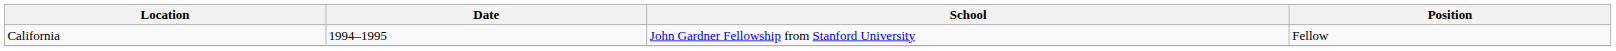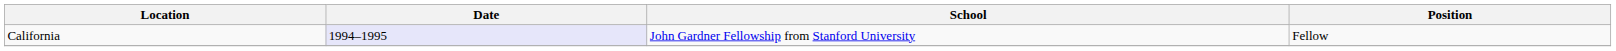 <table class="wikitable" style="width:100%;">
 <tr>
 <th style="width:20%;">Location</th>
 <th style="width:20%;">Date</th>
 <th style="width:40%;">School</th>
 <th style="width:20%;">Position</th>
 </tr>
 <tr>
 <td>California</td>
-<td>1994–1995</td>
+<td style="background: lavender;">1994–1995</td>
 <td><a href='#'>John Gardner Fellowship</a> from <a href='#'>Stanford University</a></td>
 <td>Fellow</td>
 </tr>
 <tr>
 </tr>
 </table>
